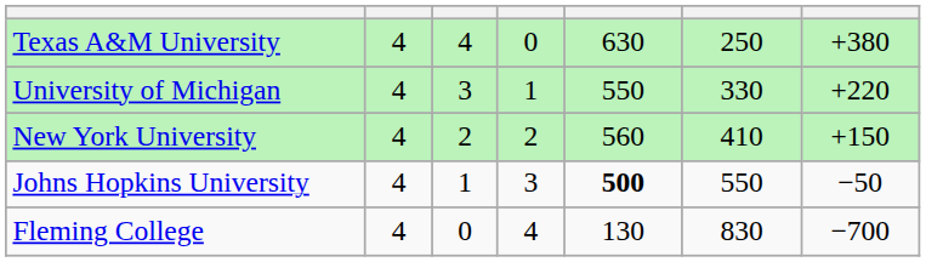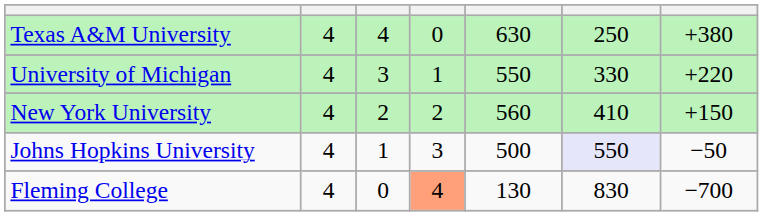 <table class="wikitable" style="text-align: center; font-size: 85%;">
 <tr>
 <th width=165></th>
 <th width=25></th>
 <th width=25></th>
 <th width=25></th>
 <th width=50></th>
 <th width=50></th>
 <th width=50></th>
 </tr>
 <tr style="background:#BBF3BB;">
 <td style="text-align:left;"><a href='#'>Texas A&M University</a></td>
 <td>4</td>
 <td>4</td>
 <td>0</td>
 <td>630</td>
 <td>250</td>
 <td>+380</td>
 </tr>
 <tr style="background:#BBF3BB;">
 <td style="text-align:left;"><a href='#'>University of Michigan</a></td>
 <td>4</td>
 <td>3</td>
 <td>1</td>
 <td>550</td>
 <td>330</td>
 <td>+220</td>
 </tr>
 <tr style="background:#BBF3BB;">
 <td style="text-align:left;"><a href='#'>New York University</a></td>
 <td>4</td>
 <td>2</td>
 <td>2</td>
 <td>560</td>
 <td>410</td>
 <td>+150</td>
 </tr>
 <tr>
 <td style="text-align:left;"><a href='#'>Johns Hopkins University</a></td>
 <td>4</td>
 <td>1</td>
 <td>3</td>
-<td><strong>500</strong></td>
-<td>550</td>
+<td>500</td>
+<td style="background: lavender;">550</td>
 <td>−50</td>
 </tr>
 <tr>
 <td style="text-align:left;"><a href='#'>Fleming College</a></td>
 <td>4</td>
 <td>0</td>
-<td>4</td>
+<td style="background: lightsalmon;">4</td>
 <td>130</td>
 <td>830</td>
 <td>−700</td>
 </tr>
 </table>
